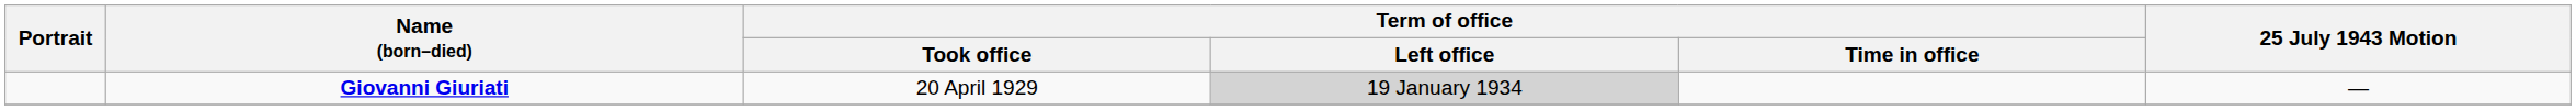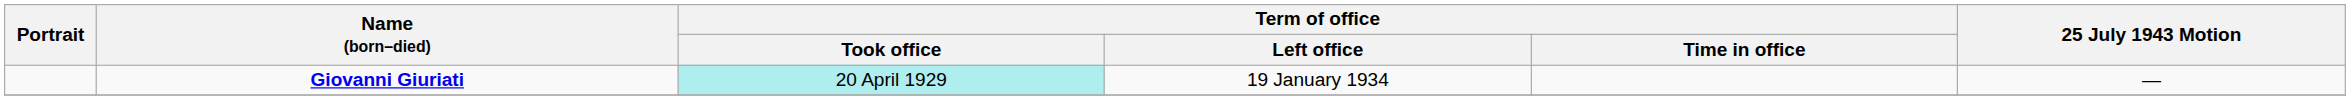 <table class="wikitable" style="text-align:center;" style="width=90%">
 <tr>
 <th width=1% rowspan=2>Portrait</th>
 <th width=15% rowspan=2>Name<br><small>(born–died)</small></th>
 <th width=30% colspan=3>Term of office</th>
 <th width=10% rowspan=2>25 July 1943 Motion</th>
 </tr>
 <tr style="text-align:center;">
 <th width=11%>Took office</th>
 <th width=11%>Left office</th>
 <th width=11%>Time in office</th>
 </tr>
 <tr>
 <td></td>
 <td><strong><a href='#'>Giovanni Giuriati</a></strong><br></td>
-<td>20 April 1929</td>
-<td style="background: lightgrey;">19 January 1934</td>
+<td style="background: paleturquoise;">20 April 1929</td>
+<td>19 January 1934</td>
 <td></td>
 <td align=center>—</td>
 </tr>
 <tr>
 </tr>
 </table>
